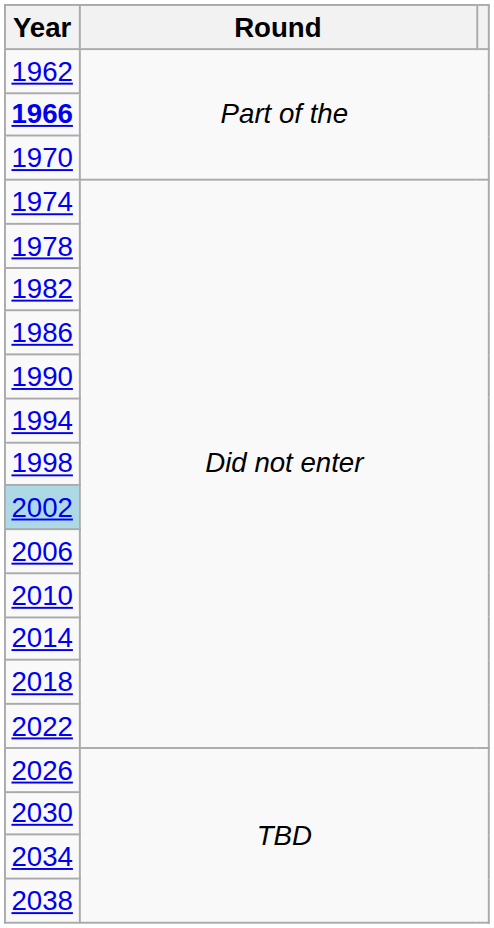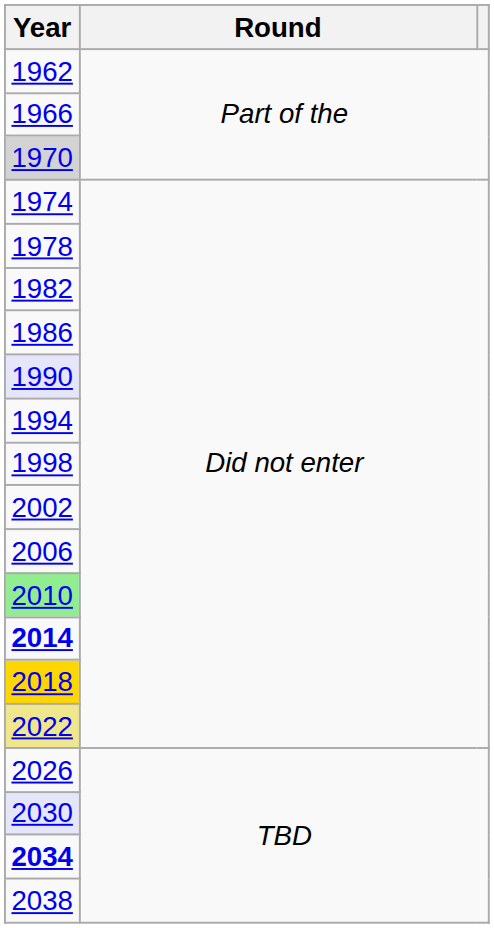 <table class="wikitable" style="text-align: center; font-size:90%">
 <tr>
 <th>Year</th>
 <th style="width:200px">Round</th>
 <th></th>
 </tr>
 <tr>
 <td><a href='#'>1962</a></td>
 <td colspan="2" rowspan="3"><em>Part of the </em></td>
 </tr>
 <tr>
-<td><strong><a href='#'>1966</a></strong></td>
+<td><a href='#'>1966</a></td>
 </tr>
 <tr>
-<td><a href='#'>1970</a></td>
+<td style="background: lightgrey;"><a href='#'>1970</a></td>
 </tr>
 <tr>
 <td><a href='#'>1974</a></td>
 <td colspan="2" rowspan="13"><em>Did not enter</em></td>
 </tr>
 <tr>
 <td><a href='#'>1978</a></td>
 </tr>
 <tr>
 <td><a href='#'>1982</a></td>
 </tr>
 <tr>
 <td><a href='#'>1986</a></td>
 </tr>
 <tr>
-<td><a href='#'>1990</a></td>
+<td style="background: lavender;"><a href='#'>1990</a></td>
 </tr>
 <tr>
 <td><a href='#'>1994</a></td>
 </tr>
 <tr>
 <td><a href='#'>1998</a></td>
 </tr>
 <tr>
-<td style="background: lightblue;"><a href='#'>2002</a></td>
+<td><a href='#'>2002</a></td>
 </tr>
 <tr>
 <td><a href='#'>2006</a></td>
 </tr>
 <tr>
-<td><a href='#'>2010</a></td>
+<td style="background: lightgreen;"><a href='#'>2010</a></td>
 </tr>
 <tr>
-<td><a href='#'>2014</a></td>
+<td><strong><a href='#'>2014</a></strong></td>
 </tr>
 <tr>
-<td><a href='#'>2018</a></td>
+<td style="background: gold;"><a href='#'>2018</a></td>
 </tr>
 <tr>
-<td><a href='#'>2022</a></td>
+<td style="background: khaki;"><a href='#'>2022</a></td>
 </tr>
 <tr>
 <td><a href='#'>2026</a></td>
 <td colspan="2" rowspan="4"><em>TBD</em></td>
 </tr>
 <tr>
-<td><a href='#'>2030</a></td>
+<td style="background: lavender;"><a href='#'>2030</a></td>
 </tr>
 <tr>
-<td><a href='#'>2034</a></td>
+<td><strong><a href='#'>2034</a></strong></td>
 </tr>
 <tr>
 <td><a href='#'>2038</a></td>
 </tr>
 </table>
